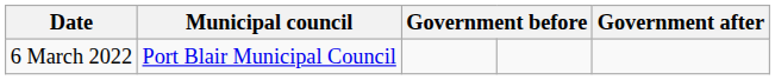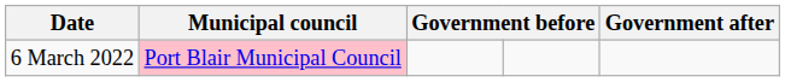 <table class="wikitable sortable">
 <tr>
 <th>Date</th>
 <th>Municipal council</th>
 <th colspan="2">Government before</th>
 <th colspan="2">Government after</th>
 </tr>
 <tr>
 <td>6 March 2022</td>
-<td><a href='#'>Port Blair Municipal Council</a></td>
+<td style="background: pink;"><a href='#'>Port Blair Municipal Council</a></td>
 <td></td>
 <td></td>
 </tr>
 </table>
